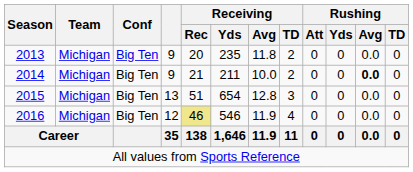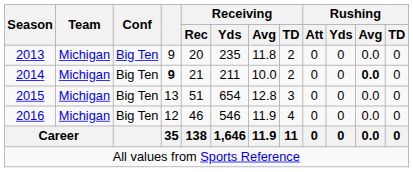 <table class="wikitable" style="text-align:center;">
 <tr>
 <th rowspan="2">Season</th>
 <th rowspan="2">Team</th>
 <th rowspan="2">Conf</th>
 <th rowspan="2"></th>
 <th colspan="4">Receiving</th>
 <th colspan="4">Rushing</th>
 </tr>
 <tr>
 <th>Rec</th>
 <th>Yds</th>
 <th>Avg</th>
 <th>TD</th>
 <th>Att</th>
 <th>Yds</th>
 <th>Avg</th>
 <th>TD</th>
 </tr>
 <tr>
 <td><a href='#'>2013</a></td>
 <td><a href='#'>Michigan</a></td>
 <td><a href='#'>Big Ten</a></td>
 <td>9</td>
 <td>20</td>
 <td>235</td>
 <td>11.8</td>
 <td>2</td>
 <td>0</td>
 <td>0</td>
 <td>0.0</td>
 <td>0</td>
 </tr>
 <tr>
 <td><a href='#'>2014</a></td>
 <td><a href='#'>Michigan</a></td>
 <td>Big Ten</td>
-<td>9</td>
+<td><strong>9</strong></td>
 <td>21</td>
 <td>211</td>
 <td>10.0</td>
 <td>2</td>
 <td>0</td>
 <td>0</td>
 <td><strong>0.0</strong></td>
 <td>0</td>
 </tr>
 <tr>
 <td><a href='#'>2015</a></td>
 <td><a href='#'>Michigan</a></td>
 <td>Big Ten</td>
 <td>13</td>
 <td>51</td>
 <td>654</td>
 <td>12.8</td>
 <td>3</td>
 <td>0</td>
 <td>0</td>
 <td>0.0</td>
 <td>0</td>
 </tr>
 <tr>
 <td><a href='#'>2016</a></td>
 <td><a href='#'>Michigan</a></td>
 <td>Big Ten</td>
 <td>12</td>
-<td style="background: khaki;">46</td>
+<td>46</td>
 <td>546</td>
 <td>11.9</td>
 <td>4</td>
 <td>0</td>
 <td>0</td>
 <td>0.0</td>
 <td>0</td>
 </tr>
 <tr>
 <th colspan="2">Career</th>
 <th></th>
 <th>35</th>
 <th>138</th>
 <th>1,646</th>
 <th>11.9</th>
 <th>11</th>
 <th>0</th>
 <th>0</th>
 <th>0.0</th>
 <th>0</th>
 </tr>
 <tr>
 <td colspan="12">All values from <a href='#'>Sports Reference</a></td>
 </tr>
 </table>
